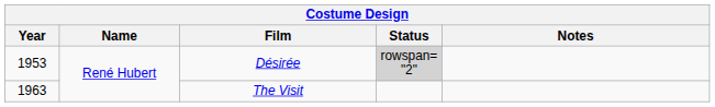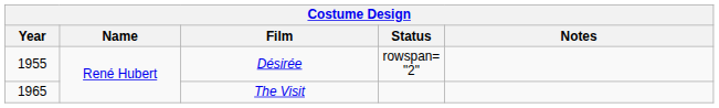 <table class="wikitable" style="text-align: center">
 <tr>
 <th colspan=6 style="text-align:center;"><a href='#'>Costume Design</a></th>
 </tr>
 <tr>
 <th style="width:075px;">Year</th>
 <th style="width:200px;">Name</th>
 <th style="width:350px;">Film</th>
 <th style="width:075px;">Status</th>
 <th style="width:500px;">Notes</th>
 </tr>
 <tr>
-<td style="text-align: center">1953</td>
+<td style="text-align: center">1955</td>
 <td rowspan=2><a href='#'>René Hubert</a></td>
 <td><em><a href='#'>Désirée</a></em></td>
-<td style="background: lightgrey;">rowspan= "2" </td>
+<td>rowspan= "2" </td>
 <td></td>
 </tr>
 <tr>
-<td style="text-align: center">1963</td>
+<td style="text-align: center">1965</td>
 <td><em><a href='#'>The Visit</a></em></td>
 <td></td>
 </tr>
 </table>
